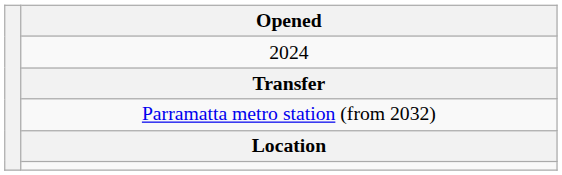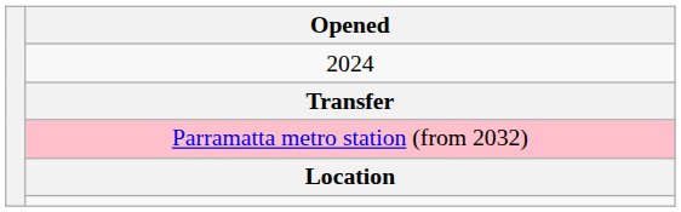 <table class=wikitable style="text-align: center; width: 450px; float:right">
 <tr>
 <th rowspan="6"></th>
 <th>Opened</th>
 </tr>
 <tr>
 <td>2024</td>
 </tr>
 <tr>
 <th>Transfer</th>
 </tr>
 <tr>
-<td><a href='#'>Parramatta metro station</a> (from 2032)</td>
+<td style="background: pink;"><a href='#'>Parramatta metro station</a> (from 2032)</td>
 </tr>
 <tr>
 <th>Location</th>
 </tr>
 <tr>
 <td></td>
 </tr>
 </table>
